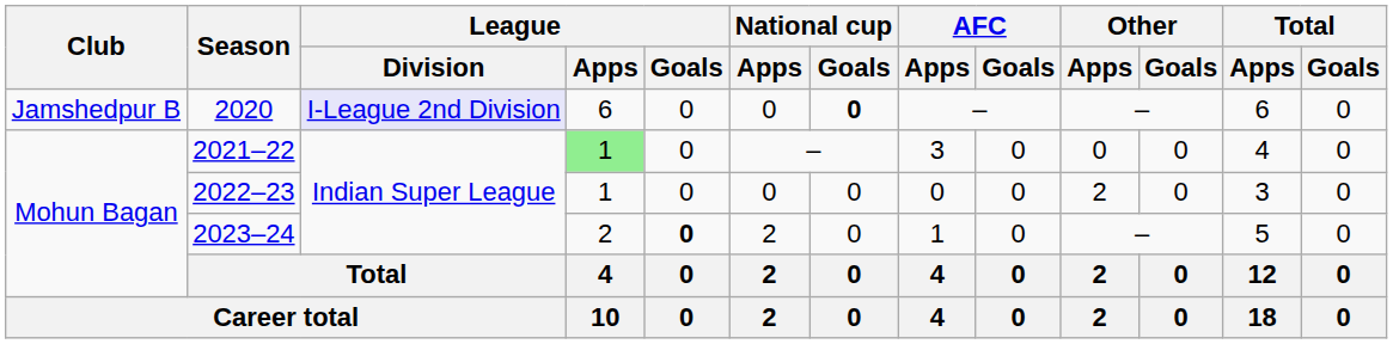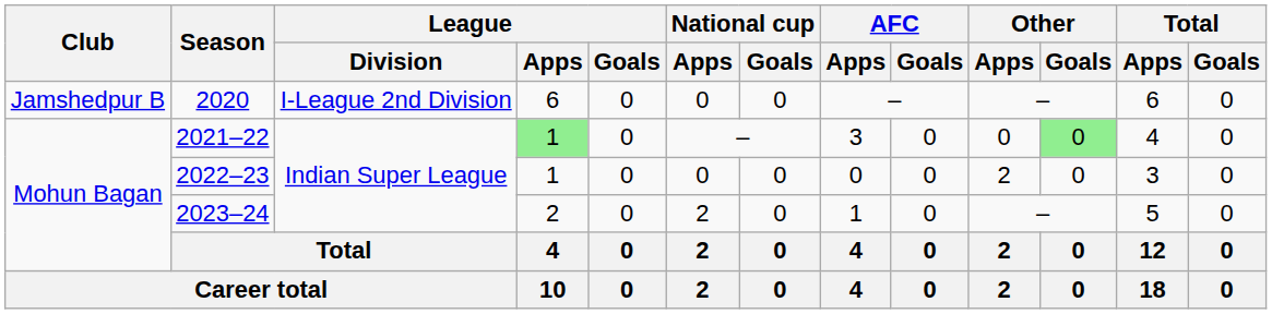 <table class="wikitable" style="text-align: center;">
 <tr>
 <th rowspan="2">Club</th>
 <th rowspan="2">Season</th>
 <th colspan="3">League</th>
 <th colspan="2">National cup </th>
 <th colspan="2"><a href='#'>AFC</a></th>
 <th colspan="2">Other</th>
 <th colspan="2">Total</th>
 </tr>
 <tr>
 <th>Division</th>
 <th>Apps</th>
 <th>Goals</th>
 <th>Apps</th>
 <th>Goals</th>
 <th>Apps</th>
 <th>Goals</th>
 <th>Apps</th>
 <th>Goals</th>
 <th>Apps</th>
 <th>Goals</th>
 </tr>
 <tr>
 <td rowspan="1"><a href='#'>Jamshedpur B</a></td>
 <td><a href='#'>2020</a></td>
-<td rowspan="1" style="background: lavender;"><a href='#'>I-League 2nd Division</a></td>
+<td rowspan="1"><a href='#'>I-League 2nd Division</a></td>
 <td>6</td>
 <td>0</td>
 <td>0</td>
-<td><strong>0</strong></td>
+<td>0</td>
 <td colspan="2">–</td>
 <td colspan="2">–</td>
 <td>6</td>
 <td>0</td>
 </tr>
 <tr>
 <td rowspan="4"><a href='#'>Mohun Bagan</a></td>
 <td><a href='#'>2021–22</a></td>
 <td rowspan="3"><a href='#'>Indian Super League</a></td>
 <td style="background: lightgreen;">1</td>
 <td>0</td>
 <td colspan="2">–</td>
 <td>3</td>
 <td>0</td>
 <td>0</td>
-<td>0</td>
+<td style="background: lightgreen;">0</td>
 <td>4</td>
 <td>0</td>
 </tr>
 <tr>
 <td><a href='#'>2022–23</a></td>
 <td>1</td>
 <td>0</td>
 <td>0</td>
 <td>0</td>
 <td>0</td>
 <td>0</td>
 <td>2</td>
 <td>0</td>
 <td>3</td>
 <td>0</td>
 </tr>
 <tr>
 <td><a href='#'>2023–24</a></td>
 <td>2</td>
-<td><strong>0</strong></td>
+<td>0</td>
 <td>2</td>
 <td>0</td>
 <td>1</td>
 <td>0</td>
 <td colspan="2">–</td>
 <td>5</td>
 <td>0</td>
 </tr>
 <tr>
 <th colspan="2">Total</th>
 <th>4</th>
 <th>0</th>
 <th>2</th>
 <th>0</th>
 <th>4</th>
 <th>0</th>
 <th>2</th>
 <th>0</th>
 <th>12</th>
 <th>0</th>
 </tr>
 <tr>
 <th colspan="3">Career total</th>
 <th>10</th>
 <th>0</th>
 <th>2</th>
 <th>0</th>
 <th>4</th>
 <th>0</th>
 <th>2</th>
 <th>0</th>
 <th>18</th>
 <th>0</th>
 </tr>
 </table>
